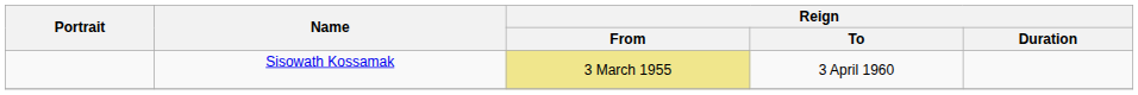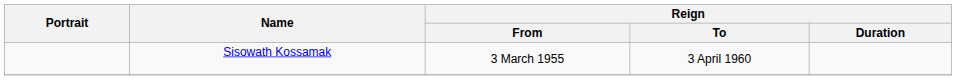 <table class="wikitable sortable" style="text-align:center; font-size:100%; width:100%">
 <tr>
 <th rowspan="2">Portrait</th>
 <th rowspan="2">Name</th>
 <th colspan="3">Reign</th>
 </tr>
 <tr>
 <th>From</th>
 <th>To</th>
 <th>Duration</th>
 </tr>
 <tr>
 <td></td>
 <td><a href='#'>Sisowath Kossamak</a><br><br></td>
-<td style="background: khaki;">3 March 1955</td>
+<td>3 March 1955</td>
 <td>3 April 1960</td>
 <td></td>
 </tr>
 <tr>
 </tr>
 </table>
